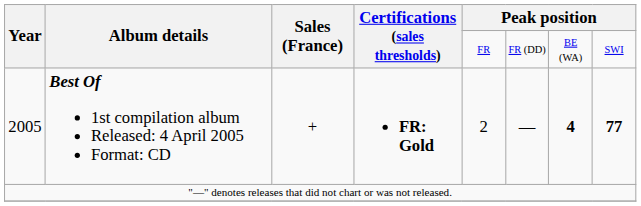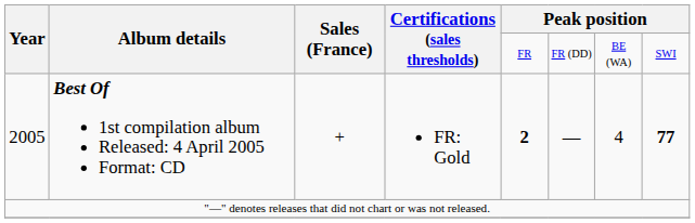 <table class="wikitable" style=text-align:center;>
 <tr>
 <th rowspan="2" width="3">Year</th>
 <th width="210" rowspan="2">Album details</th>
 <th rowspan="2">Sales (France)</th>
 <th rowspan="2"><a href='#'>Certifications</a><br><small>(<a href='#'>sales thresholds</a>)</small></th>
 <th colspan="4">Peak position</th>
 </tr>
 <tr ---->
 <td style="width:3em;font-size:75%"><small><a href='#'>FR</a></small> <br></td>
 <td style="width:3em;font-size:75%"><small><a href='#'>FR</a> (DD)</small></td>
 <td style="width:3em;font-size:75%"><small><a href='#'>BE</a> (WA)</small> <br></td>
 <td style="width:3em;font-size:75%"><small><a href='#'>SWI</a></small> <br></td>
 </tr>
 <tr ---->
 <td>2005</td>
 <td align="left"><strong><em>Best Of</em></strong><br><ul><li>1st compilation album</li><li>Released: 4 April 2005</li><li>Format: CD</li></ul></td>
 <td align="center">+</td>
-<td align="left"><strong><br><ul><li>FR: Gold</li></ul></strong></td>
-<td align="center">2</td>
+<td align="left"><br><ul><li>FR: Gold</li></ul></td>
+<td align="center"><strong>2</strong></td>
 <td align="center">—</td>
-<td align="center"><strong>4</strong></td>
+<td align="center">4</td>
 <td align="center"><strong>77</strong></td>
 </tr>
 <tr>
 <td colspan="20" style="font-size:8pt">"—" denotes releases that did not chart or was not released.</td>
 </tr>
 <tr>
 </tr>
 </table>
